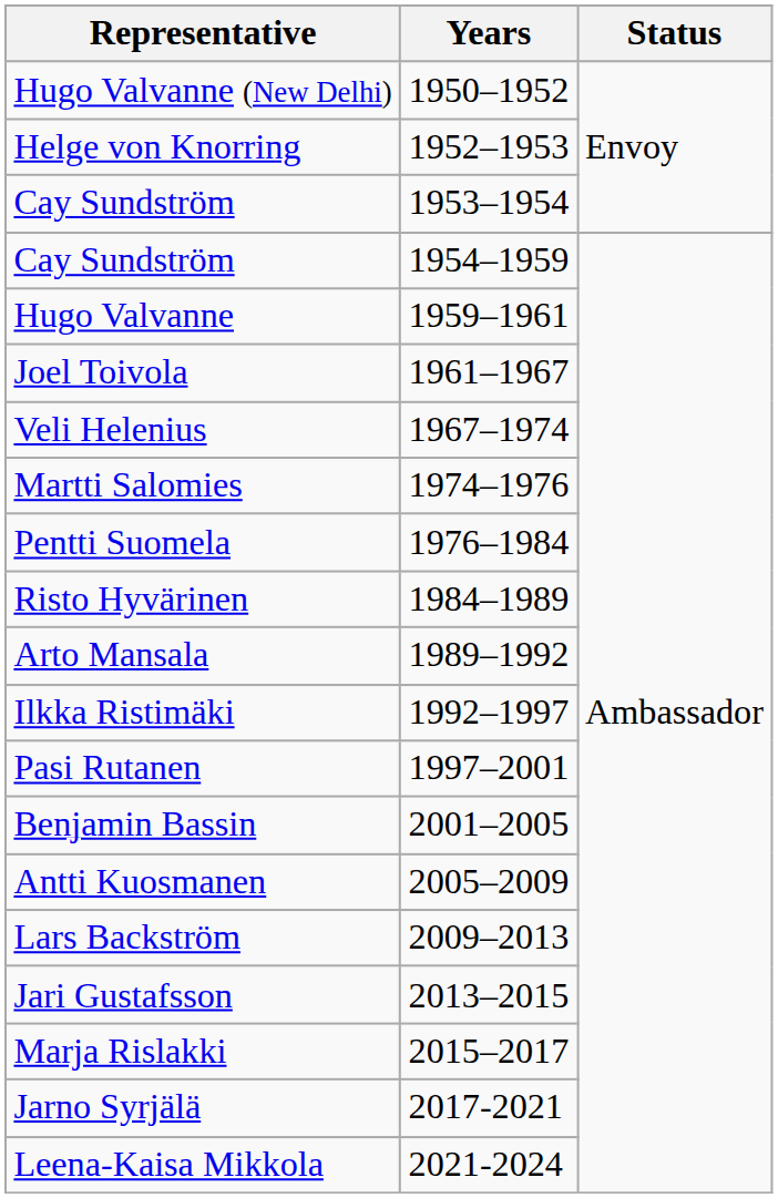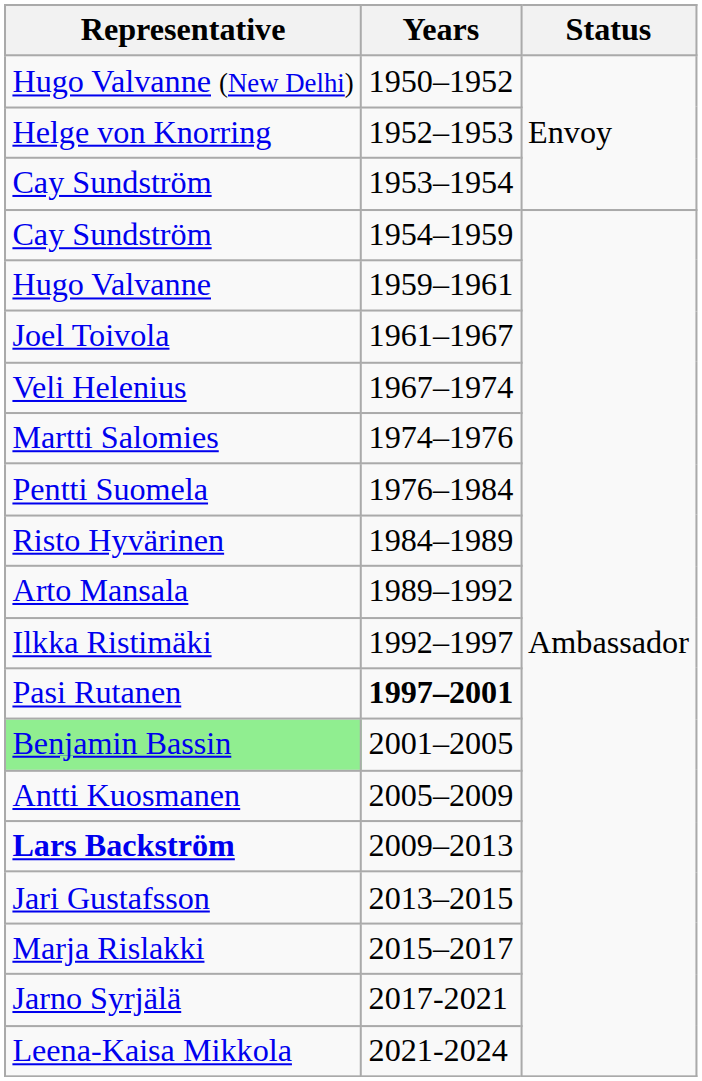 <table class="wikitable sortable">
 <tr>
 <th>Representative</th>
 <th>Years</th>
 <th>Status</th>
 </tr>
 <tr>
 <td><a href='#'>Hugo Valvanne</a> <small>(<a href='#'>New Delhi</a>)</small></td>
 <td>1950–1952</td>
 <td rowspan="3">Envoy</td>
 </tr>
 <tr>
 <td><a href='#'>Helge von Knorring</a></td>
 <td>1952–1953</td>
 </tr>
 <tr>
 <td><a href='#'>Cay Sundström</a></td>
 <td>1953–1954</td>
 </tr>
 <tr>
 <td><a href='#'>Cay Sundström</a></td>
 <td>1954–1959</td>
 <td rowspan="17">Ambassador</td>
 </tr>
 <tr>
 <td><a href='#'>Hugo Valvanne</a></td>
 <td>1959–1961</td>
 </tr>
 <tr>
 <td><a href='#'>Joel Toivola</a></td>
 <td>1961–1967</td>
 </tr>
 <tr>
 <td><a href='#'>Veli Helenius</a></td>
 <td>1967–1974</td>
 </tr>
 <tr>
 <td><a href='#'>Martti Salomies</a></td>
 <td>1974–1976</td>
 </tr>
 <tr>
 <td><a href='#'>Pentti Suomela</a></td>
 <td>1976–1984</td>
 </tr>
 <tr>
 <td><a href='#'>Risto Hyvärinen</a></td>
 <td>1984–1989</td>
 </tr>
 <tr>
 <td><a href='#'>Arto Mansala</a></td>
 <td>1989–1992</td>
 </tr>
 <tr>
 <td><a href='#'>Ilkka Ristimäki</a></td>
 <td>1992–1997</td>
 </tr>
 <tr>
 <td><a href='#'>Pasi Rutanen</a></td>
-<td>1997–2001</td>
+<td><strong>1997–2001</strong></td>
 </tr>
 <tr>
-<td><a href='#'>Benjamin Bassin</a></td>
+<td style="background: lightgreen;"><a href='#'>Benjamin Bassin</a></td>
 <td>2001–2005</td>
 </tr>
 <tr>
 <td><a href='#'>Antti Kuosmanen</a></td>
 <td>2005–2009</td>
 </tr>
 <tr>
-<td><a href='#'>Lars Backström</a></td>
+<td><strong><a href='#'>Lars Backström</a></strong></td>
 <td>2009–2013</td>
 </tr>
 <tr>
 <td><a href='#'>Jari Gustafsson</a></td>
 <td>2013–2015</td>
 </tr>
 <tr>
 <td><a href='#'>Marja Rislakki</a></td>
 <td>2015–2017</td>
 </tr>
 <tr>
 <td><a href='#'>Jarno Syrjälä</a></td>
 <td>2017-2021</td>
 </tr>
 <tr>
 <td><a href='#'>Leena-Kaisa Mikkola</a></td>
 <td>2021-2024</td>
 </tr>
 </table>
